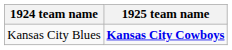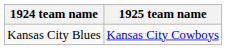 <table class="wikitable">
 <tr>
 <th>1924 team name</th>
 <th>1925 team name</th>
 </tr>
 <tr>
 <td>Kansas City Blues</td>
-<td><strong><a href='#'>Kansas City Cowboys</a></strong></td>
+<td><a href='#'>Kansas City Cowboys</a></td>
 </tr>
 </table>
